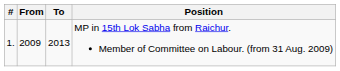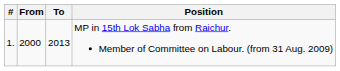 <table class="wikitable">
 <tr>
 <th>#</th>
 <th>From</th>
 <th>To</th>
 <th>Position</th>
 </tr>
 <tr>
 <td>1.</td>
-<td>2009</td>
+<td>2000</td>
 <td>2013</td>
 <td>MP in <a href='#'>15th Lok Sabha</a> from <a href='#'>Raichur</a>.<br><ul><li>Member of Committee on Labour. (from 31 Aug. 2009)</li></ul></td>
 </tr>
 </table>
